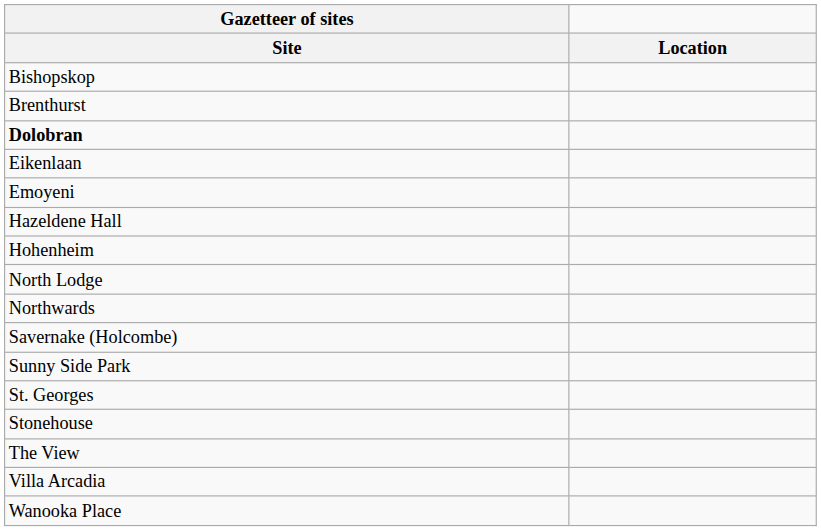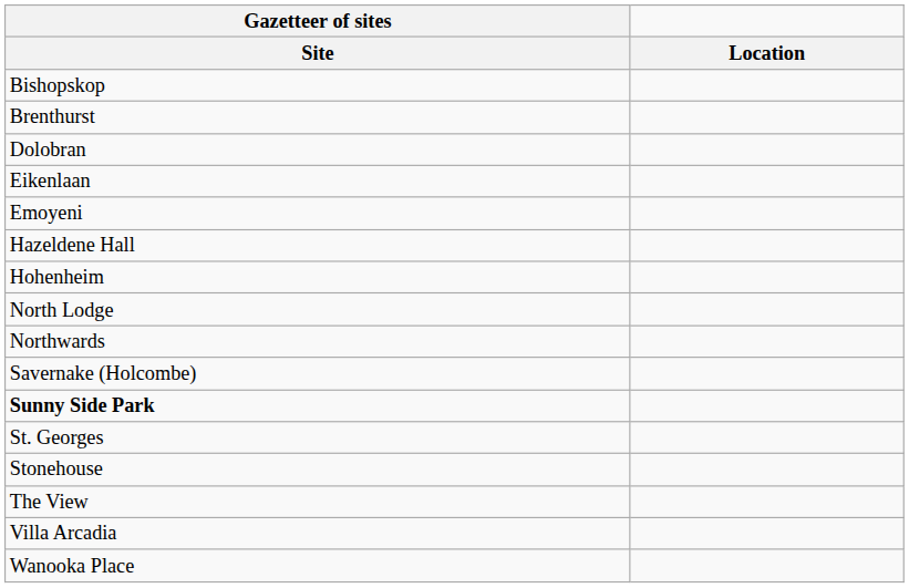 <table class="wikitable collapsible collapsed" width=45% style=border: 1px>
 <tr>
 <th style= colspan="3">Gazetteer of sites</th>
 </tr>
 <tr>
 <th>Site</th>
 <th>Location</th>
 </tr>
 <tr>
 <td>Bishopskop</td>
 <td><small></small></td>
 </tr>
 <tr>
 <td>Brenthurst</td>
 <td><small></small></td>
 </tr>
 <tr>
-<td><strong>Dolobran</strong></td>
+<td>Dolobran</td>
 <td><small></small></td>
 </tr>
 <tr>
 <td>Eikenlaan</td>
 <td><small></small></td>
 </tr>
 <tr>
 <td>Emoyeni</td>
 <td><small></small></td>
 </tr>
 <tr>
 <td>Hazeldene Hall</td>
 <td><small></small></td>
 </tr>
 <tr>
 <td>Hohenheim</td>
 <td><small></small></td>
 </tr>
 <tr>
 <td>North Lodge</td>
 <td><small></small></td>
 </tr>
 <tr>
 <td>Northwards</td>
 <td><small></small></td>
 </tr>
 <tr>
 <td>Savernake (Holcombe)</td>
 <td><small></small></td>
 </tr>
 <tr>
-<td>Sunny Side Park</td>
+<td><strong>Sunny Side Park</strong></td>
 <td><small></small></td>
 </tr>
 <tr>
 <td>St. Georges</td>
 <td><small></small></td>
 </tr>
 <tr>
 <td>Stonehouse</td>
 <td><small></small></td>
 </tr>
 <tr>
 <td>The View</td>
 <td><small></small></td>
 </tr>
 <tr>
 <td>Villa Arcadia</td>
 <td><small></small></td>
 </tr>
 <tr>
 <td>Wanooka Place</td>
 <td><small></small></td>
 </tr>
 </table>
